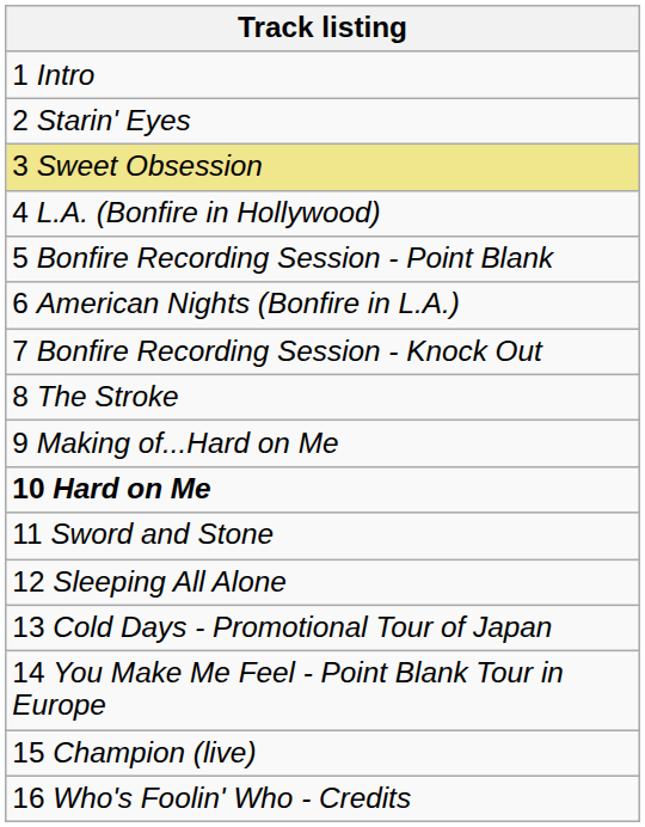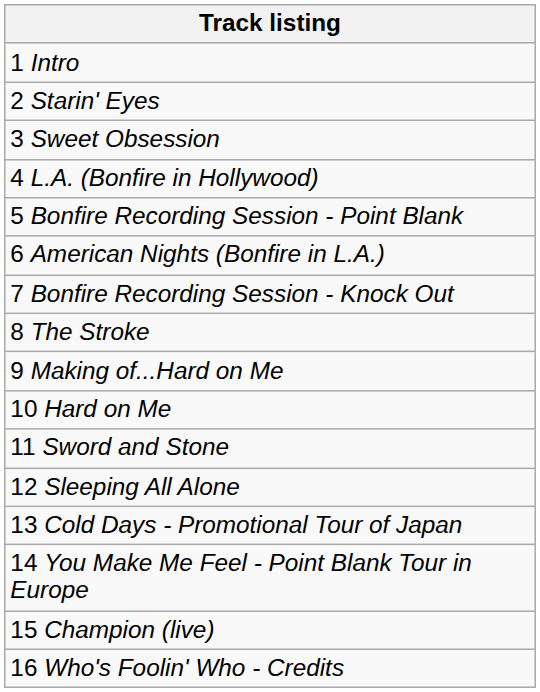 <table class="wikitable collapsible" style="width:350px;">
 <tr>
 <th>Track listing</th>
 </tr>
 <tr>
 <td>1 <em>Intro</em></td>
 </tr>
 <tr>
 <td>2 <em>Starin' Eyes</em></td>
 </tr>
 <tr>
-<td style="background: khaki;">3 <em>Sweet Obsession</em></td>
+<td>3 <em>Sweet Obsession</em></td>
 </tr>
 <tr>
 <td>4 <em>L.A. (Bonfire in Hollywood)</em></td>
 </tr>
 <tr>
 <td>5 <em>Bonfire Recording Session - Point Blank</em></td>
 </tr>
 <tr>
 <td>6 <em>American Nights (Bonfire in L.A.)</em></td>
 </tr>
 <tr>
 <td>7 <em>Bonfire Recording Session - Knock Out</em></td>
 </tr>
 <tr>
 <td>8 <em>The Stroke</em></td>
 </tr>
 <tr>
 <td>9 <em>Making of...Hard on Me</em></td>
 </tr>
 <tr>
-<td><strong>10 <em>Hard on Me</em></strong></td>
+<td>10 <em>Hard on Me</em></td>
 </tr>
 <tr>
 <td>11 <em>Sword and Stone</em></td>
 </tr>
 <tr>
 <td>12 <em>Sleeping All Alone</em></td>
 </tr>
 <tr>
 <td>13 <em>Cold Days - Promotional Tour of Japan</em></td>
 </tr>
 <tr>
 <td>14 <em>You Make Me Feel - Point Blank Tour in Europe</em></td>
 </tr>
 <tr>
 <td>15 <em>Champion (live)</em></td>
 </tr>
 <tr>
 <td>16 <em>Who's Foolin' Who - Credits</em></td>
 </tr>
 </table>
